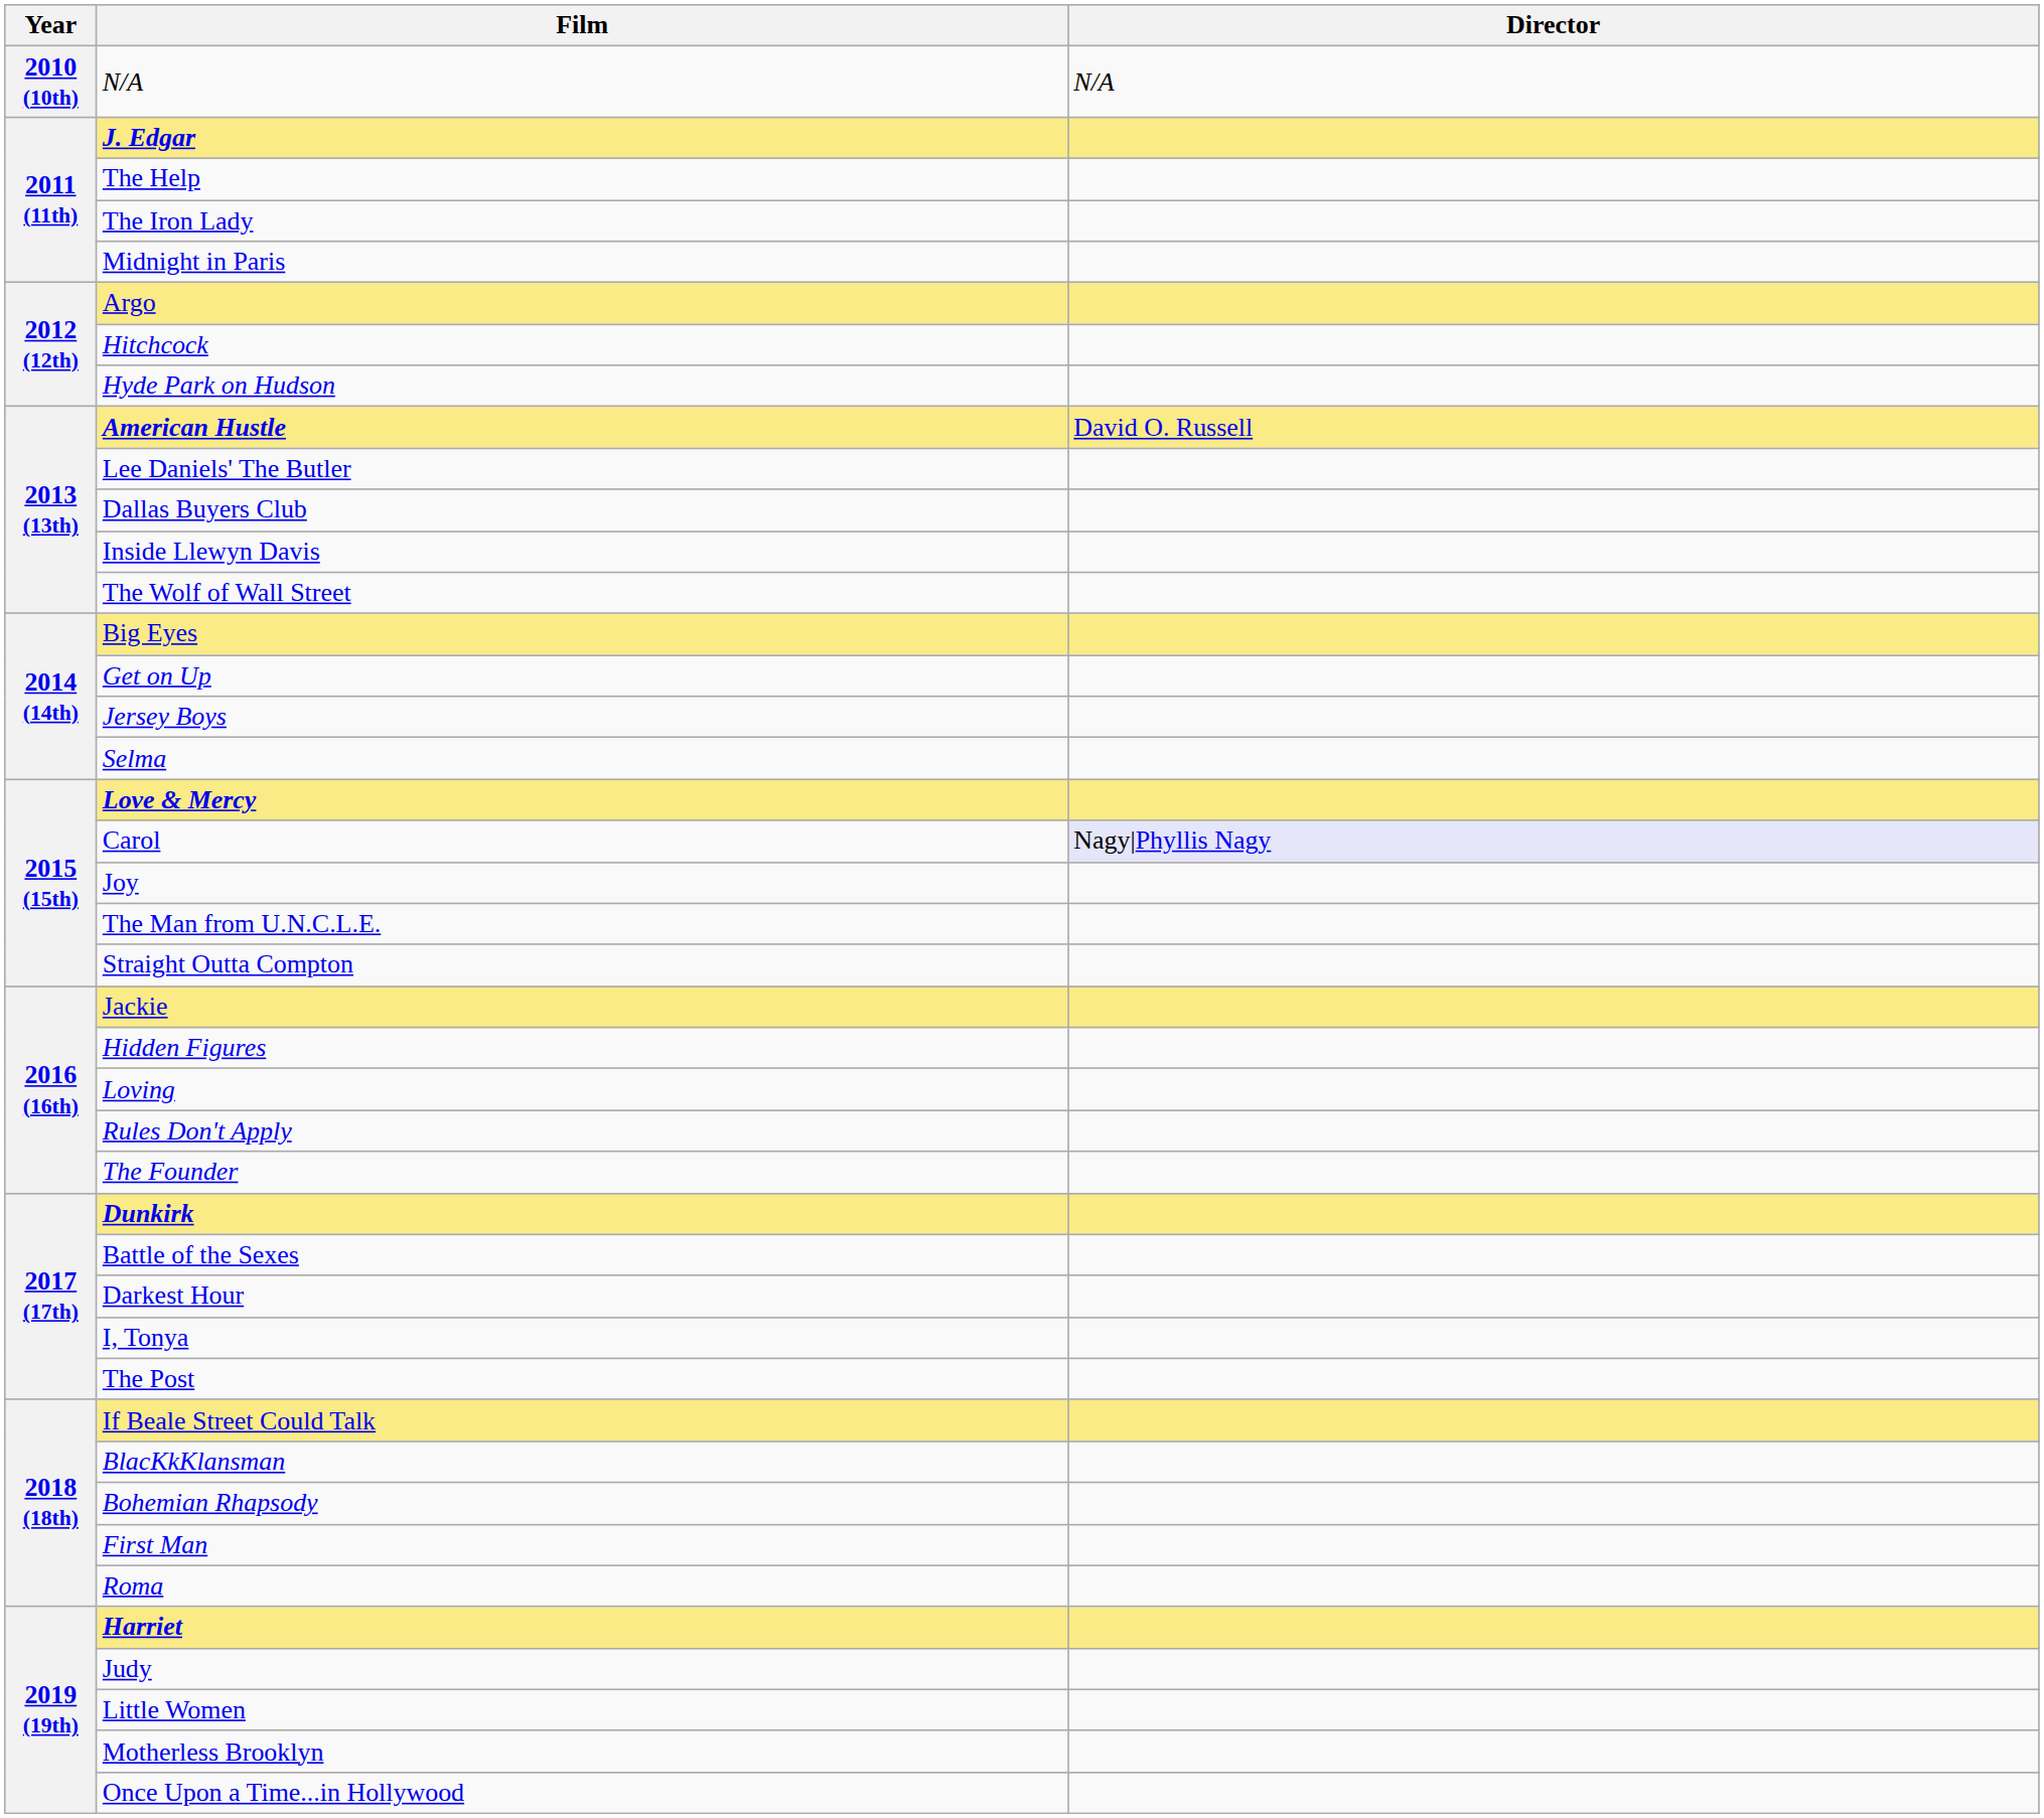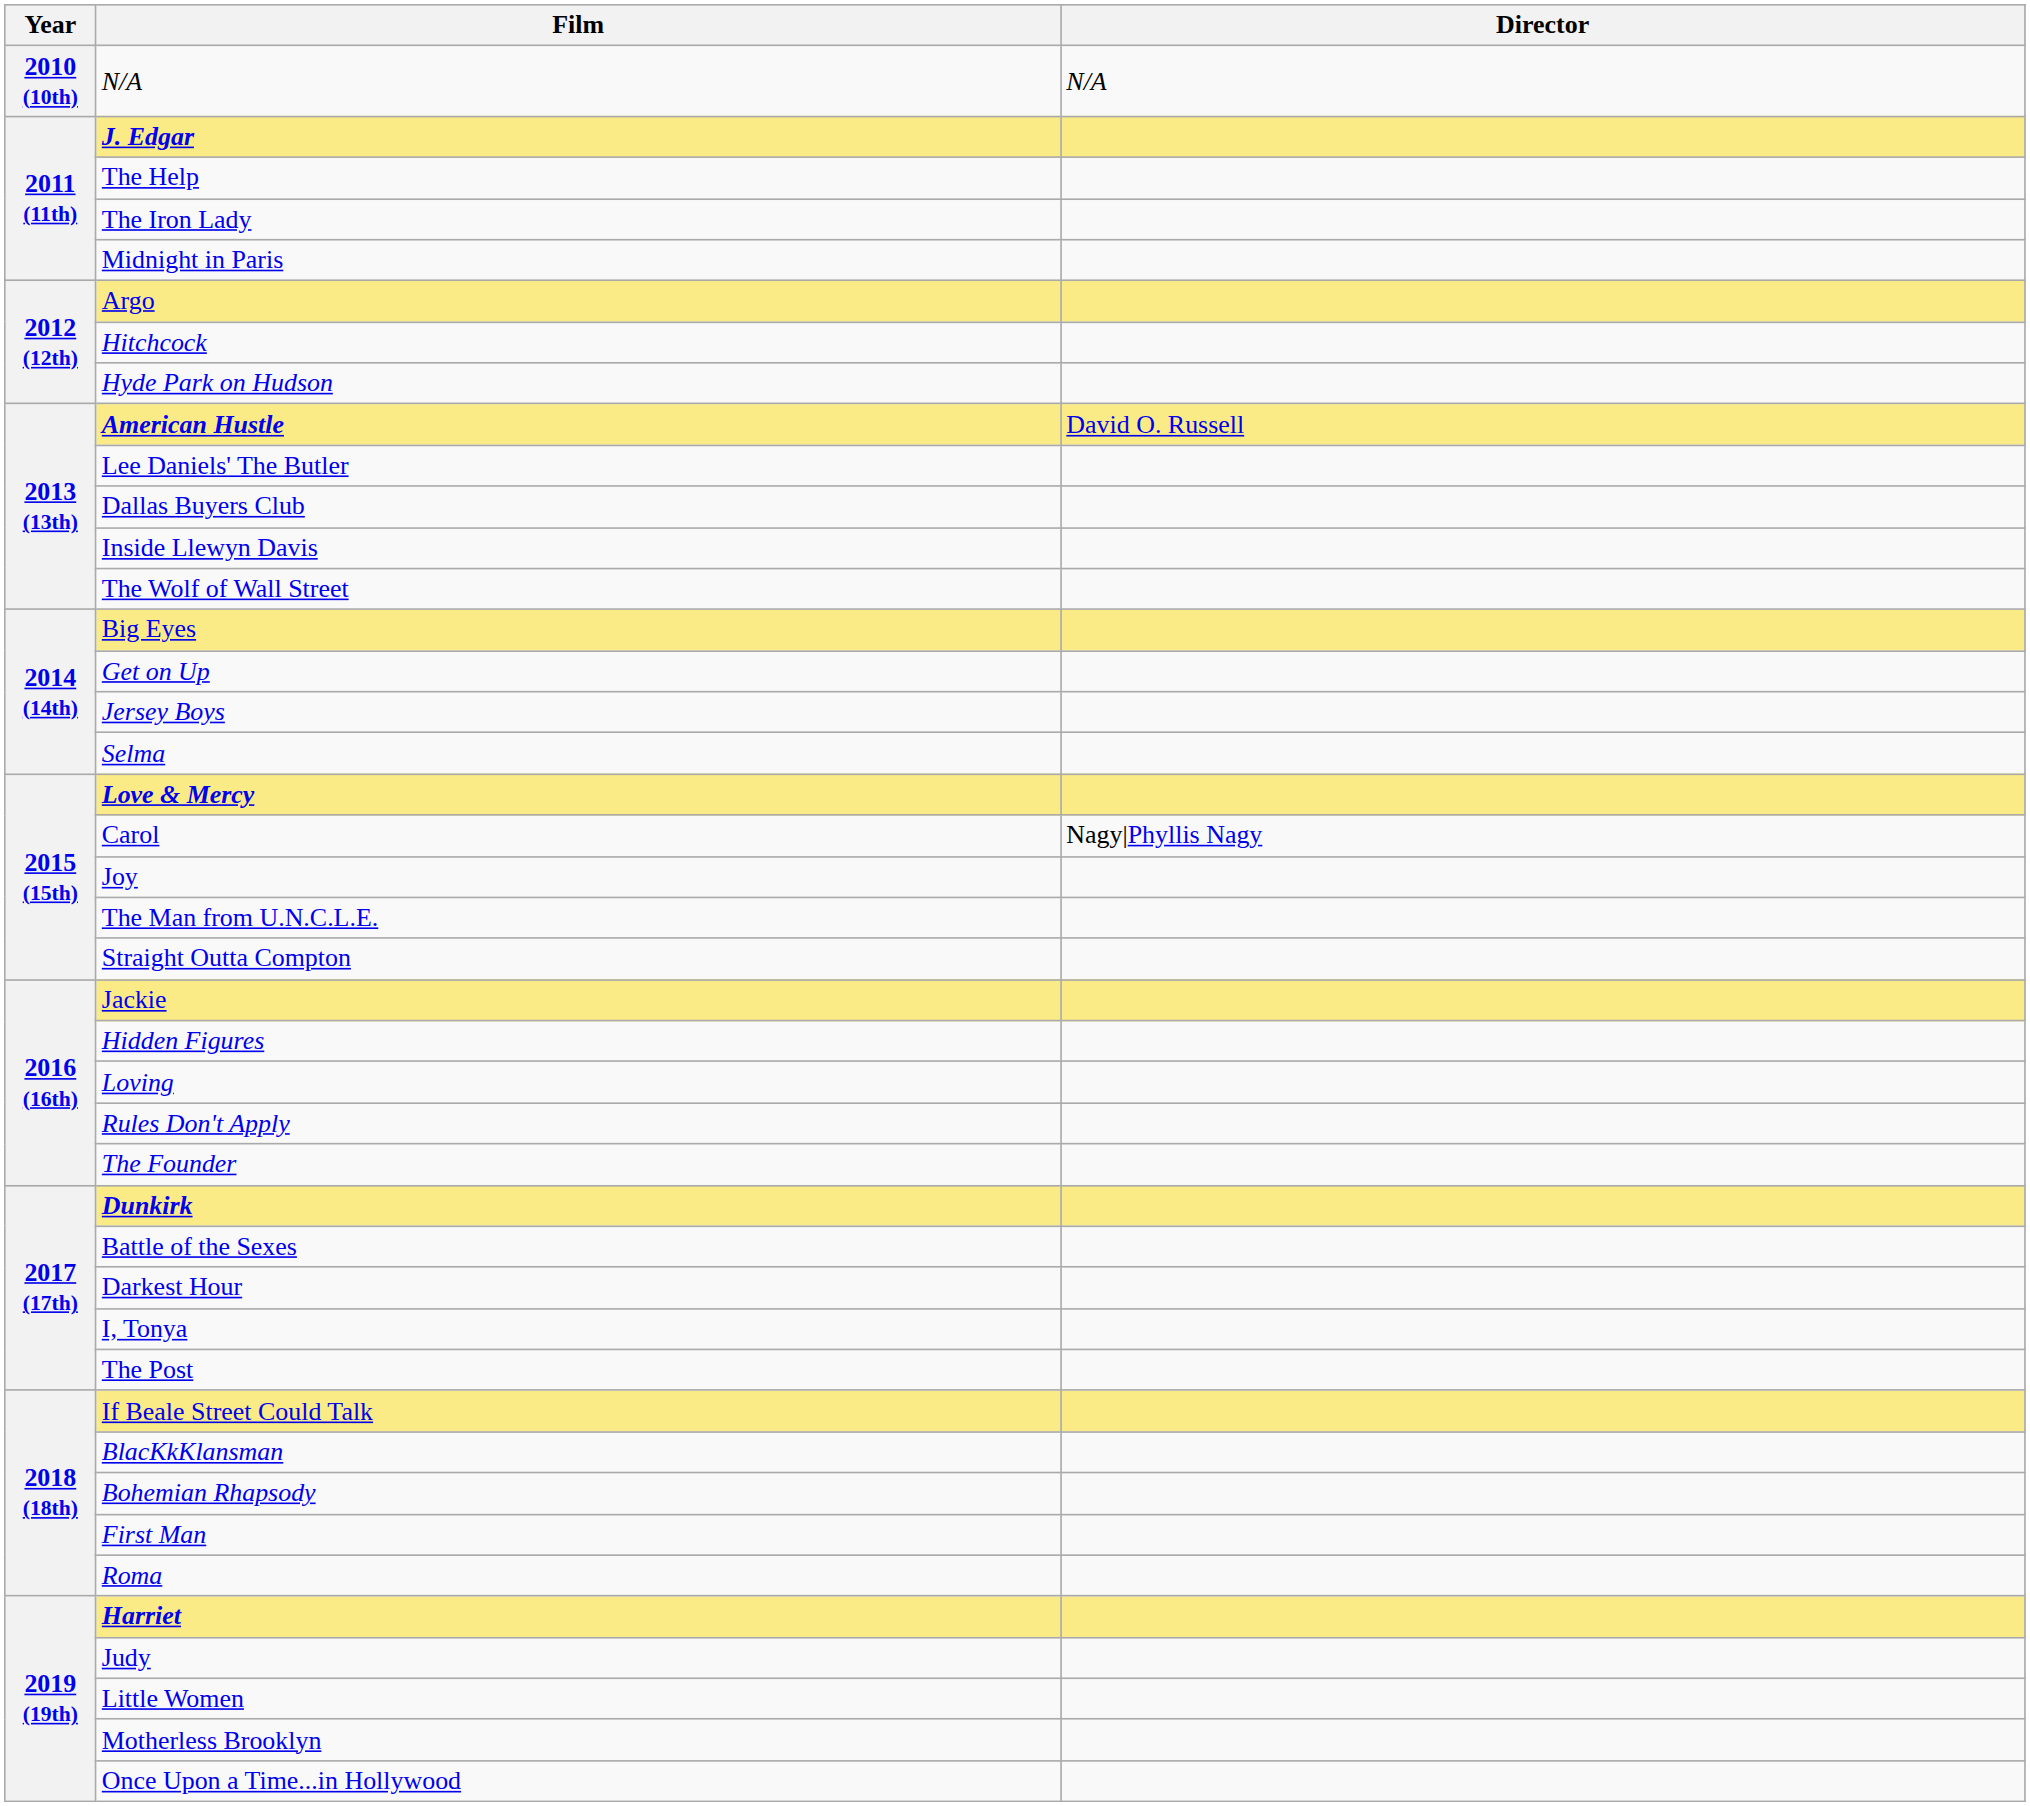 <table class="wikitable">
 <tr>
 <th scope="col" style="width:2%;">Year</th>
 <th scope="col" style="width:30%;">Film</th>
 <th scope="col" style="width:30%;">Director</th>
 </tr>
 <tr>
 <th scope="row" rowspan=1 style="text-align:center;"><a href='#'>2010</a><br><small><a href='#'>(10th)</a></small> <br> </th>
 <td><em>N/A</em></td>
 <td><em>N/A</em></td>
 </tr>
 <tr>
 <th scope="row" rowspan=4 style="text-align:center;"><a href='#'>2011</a><br><small><a href='#'>(11th)</a></small> <br> </th>
 <td style="background:#FAEB86"><strong><em><a href='#'>J. Edgar</a><em><strong></td>
 <td style="background:#FAEB86"></strong><strong></td>
 </tr>
 <tr>
 <td></em><a href='#'>The Help</a><em></td>
 <td></td>
 </tr>
 <tr>
 <td></em><a href='#'>The Iron Lady</a><em></td>
 <td></td>
 </tr>
 <tr>
 <td></em><a href='#'>Midnight in Paris</a><em></td>
 <td></td>
 </tr>
 <tr>
 <th scope="row" rowspan=3 style="text-align:center;"><a href='#'>2012</a><br><small><a href='#'>(12th)</a></small> <br> </th>
 <td style="background:#FAEB86"></em></strong><a href='#'>Argo</a></em></strong></td>
 <td style="background:#FAEB86"><strong></strong></td>
 </tr>
 <tr>
 <td><em><a href='#'>Hitchcock</a></em></td>
 <td></td>
 </tr>
 <tr>
 <td><em><a href='#'>Hyde Park on Hudson</a></em></td>
 <td></td>
 </tr>
 <tr>
 <th scope="row" rowspan=5 style="text-align:center;"><a href='#'>2013</a><br><small><a href='#'>(13th)</a></small> <br> </th>
 <td style="background:#FAEB86"><strong><em><a href='#'>American Hustle</a><em><strong></td>
 <td style="background:#FAEB86"></strong><a href='#'>David O. Russell</a><strong></td>
 </tr>
 <tr>
 <td></em><a href='#'>Lee Daniels' The Butler</a><em></td>
 <td></td>
 </tr>
 <tr>
 <td></em><a href='#'>Dallas Buyers Club</a><em></td>
 <td></td>
 </tr>
 <tr>
 <td></em><a href='#'>Inside Llewyn Davis</a><em></td>
 <td></td>
 </tr>
 <tr>
 <td></em><a href='#'>The Wolf of Wall Street</a><em></td>
 <td></td>
 </tr>
 <tr>
 <th scope="row" rowspan=4 style="text-align:center;"><a href='#'>2014</a><br><small><a href='#'>(14th)</a></small> <br> </th>
 <td style="background:#FAEB86"></em></strong><a href='#'>Big Eyes</a></em></strong></td>
 <td style="background:#FAEB86"><strong></strong></td>
 </tr>
 <tr>
 <td><em><a href='#'>Get on Up</a></em></td>
 <td></td>
 </tr>
 <tr>
 <td><em><a href='#'>Jersey Boys</a></em></td>
 <td></td>
 </tr>
 <tr>
 <td><em><a href='#'>Selma</a></em></td>
 <td></td>
 </tr>
 <tr>
 <th scope="row" rowspan=5 style="text-align:center;"><a href='#'>2015</a><br><small><a href='#'>(15th)</a></small> <br> </th>
 <td style="background:#FAEB86"><strong><em><a href='#'>Love & Mercy</a><em><strong></td>
 <td style="background:#FAEB86"></strong><strong></td>
 </tr>
 <tr>
 <td></em><a href='#'>Carol</a><em></td>
-<td {{sort style="background: lavender;">Nagy|<a href='#'>Phyllis Nagy</a></td>
+<td {{sort>Nagy|<a href='#'>Phyllis Nagy</a></td>
 </tr>
 <tr>
 <td></em><a href='#'>Joy</a><em></td>
 <td></td>
 </tr>
 <tr>
 <td></em><a href='#'>The Man from U.N.C.L.E.</a><em></td>
 <td></td>
 </tr>
 <tr>
 <td></em><a href='#'>Straight Outta Compton</a><em></td>
 <td></td>
 </tr>
 <tr>
 <th scope="row" rowspan=5 style="text-align:center;"><a href='#'>2016</a><br><small><a href='#'>(16th)</a></small> <br> </th>
 <td style="background:#FAEB86"></em></strong><a href='#'>Jackie</a></em></strong></td>
 <td style="background:#FAEB86"><strong></strong></td>
 </tr>
 <tr>
 <td><em><a href='#'>Hidden Figures</a></em></td>
 <td></td>
 </tr>
 <tr>
 <td><em><a href='#'>Loving</a></em></td>
 <td></td>
 </tr>
 <tr>
 <td><em><a href='#'>Rules Don't Apply</a></em></td>
 <td></td>
 </tr>
 <tr>
 <td><em><a href='#'>The Founder</a></em></td>
 <td></td>
 </tr>
 <tr>
 <th scope="row" rowspan=5 style="text-align:center;"><a href='#'>2017</a><br><small><a href='#'>(17th)</a></small> <br> </th>
 <td style="background:#FAEB86"><strong><em><a href='#'>Dunkirk</a><em><strong></td>
 <td style="background:#FAEB86"></strong><strong></td>
 </tr>
 <tr>
 <td></em><a href='#'>Battle of the Sexes</a><em></td>
 <td></td>
 </tr>
 <tr>
 <td></em><a href='#'>Darkest Hour</a><em></td>
 <td></td>
 </tr>
 <tr>
 <td></em><a href='#'>I, Tonya</a><em></td>
 <td></td>
 </tr>
 <tr>
 <td></em><a href='#'>The Post</a><em></td>
 <td></td>
 </tr>
 <tr>
 <th scope="row" rowspan=5 style="text-align:center;"><a href='#'>2018</a><br><small><a href='#'>(18th)</a></small> <br> </th>
 <td style="background:#FAEB86"></em></strong><a href='#'>If Beale Street Could Talk</a></em></strong></td>
 <td style="background:#FAEB86"><strong></strong></td>
 </tr>
 <tr>
 <td><em><a href='#'>BlacKkKlansman</a></em></td>
 <td></td>
 </tr>
 <tr>
 <td><em><a href='#'>Bohemian Rhapsody</a></em></td>
 <td></td>
 </tr>
 <tr>
 <td><em><a href='#'>First Man</a></em></td>
 <td></td>
 </tr>
 <tr>
 <td><em><a href='#'>Roma</a></em></td>
 <td></td>
 </tr>
 <tr>
 <th scope="row" rowspan=6 style="text-align:center;"><a href='#'>2019</a><br><small><a href='#'>(19th)</a></small> <br> </th>
 <td style="background:#FAEB86"><strong><em><a href='#'>Harriet</a><em><strong></td>
 <td style="background:#FAEB86"></strong><strong></td>
 </tr>
 <tr>
 <td></em><a href='#'>Judy</a><em></td>
 <td></td>
 </tr>
 <tr>
 <td></em><a href='#'>Little Women</a><em></td>
 <td></td>
 </tr>
 <tr>
 <td></em><a href='#'>Motherless Brooklyn</a><em></td>
 <td></td>
 </tr>
 <tr>
 <td></em><a href='#'>Once Upon a Time...in Hollywood</a><em></td>
 <td></td>
 </tr>
 </table>
